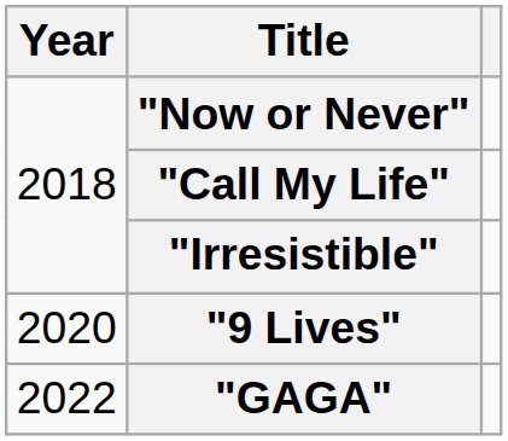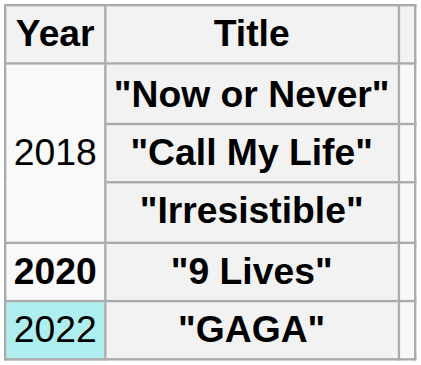 <table class="wikitable plainrowheaders sortable">
 <tr>
 <th scope="col">Year</th>
 <th scope="col">Title</th>
 <th style="text-align: center;" class="unsortable"></th>
 </tr>
 <tr>
 <td rowspan="3">2018</td>
 <th scope="row">"Now or Never"</th>
 <td style="text-align: center;"></td>
 </tr>
 <tr>
 <th scope="row">"Call My Life"</th>
 <td style="text-align: center;"></td>
 </tr>
 <tr>
 <th scope="row">"Irresistible"</th>
 <td style="text-align: center;"></td>
 </tr>
 <tr>
-<td>2020</td>
+<td><strong>2020</strong></td>
 <th scope="row">"9 Lives"</th>
 <td></td>
 </tr>
 <tr>
-<td>2022</td>
+<td style="background: paleturquoise;">2022</td>
 <th scope="row">"GAGA"</th>
 <td style="text-align: center;"></td>
 </tr>
 </table>
